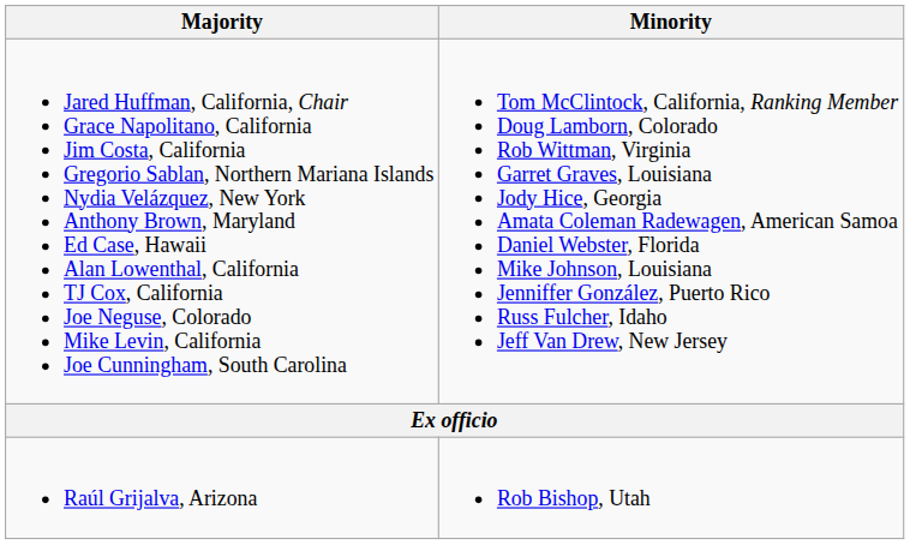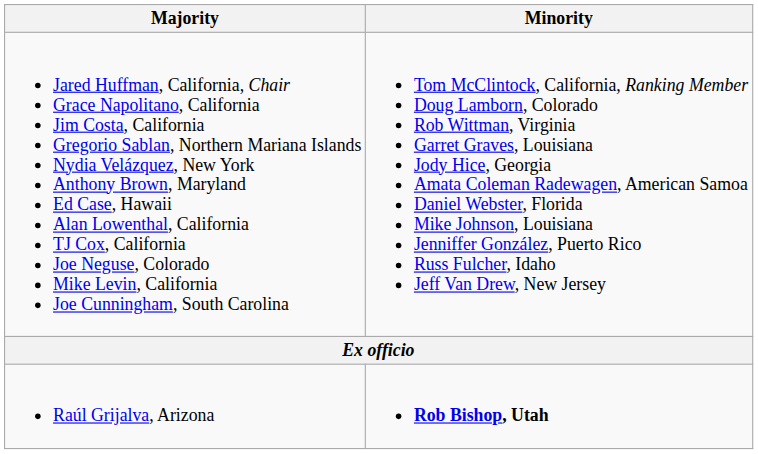 <table class=wikitable>
 <tr>
 <th>Majority</th>
 <th>Minority</th>
 </tr>
 <tr valign=top>
 <td><br><ul><li><a href='#'>Jared Huffman</a>, California, <em>Chair</em></li><li><a href='#'>Grace Napolitano</a>, California</li><li><a href='#'>Jim Costa</a>, California</li><li><span><a href='#'>Gregorio Sablan</a>, Northern Mariana Islands</span></li><li><a href='#'>Nydia Velázquez</a>, New York</li><li><a href='#'>Anthony Brown</a>, Maryland</li><li><a href='#'>Ed Case</a>, Hawaii</li><li><a href='#'>Alan Lowenthal</a>, California</li><li><a href='#'>TJ Cox</a>, California</li><li><a href='#'>Joe Neguse</a>, Colorado</li><li><a href='#'>Mike Levin</a>, California</li><li><a href='#'>Joe Cunningham</a>, South Carolina</li></ul></td>
 <td><br><ul><li><a href='#'>Tom McClintock</a>, California, <em>Ranking Member</em></li><li><a href='#'>Doug Lamborn</a>, Colorado</li><li><a href='#'>Rob Wittman</a>, Virginia</li><li><a href='#'>Garret Graves</a>, Louisiana</li><li><a href='#'>Jody Hice</a>, Georgia</li><li><a href='#'>Amata Coleman Radewagen</a>, American Samoa</li><li><a href='#'>Daniel Webster</a>, Florida</li><li><a href='#'>Mike Johnson</a>, Louisiana</li><li><a href='#'>Jenniffer González</a>, Puerto Rico</li><li><a href='#'>Russ Fulcher</a>, Idaho</li><li><a href='#'>Jeff Van Drew</a>, New Jersey</li></ul></td>
 </tr>
 <tr>
 <th colspan=2><em>Ex officio</em></th>
 </tr>
 <tr>
 <td><br><ul><li><a href='#'>Raúl Grijalva</a>, Arizona</li></ul></td>
-<td><br><ul><li><a href='#'>Rob Bishop</a>, Utah</li></ul></td>
+<td><strong><br><ul><li><a href='#'>Rob Bishop</a>, Utah</li></ul></strong></td>
 </tr>
 </table>
